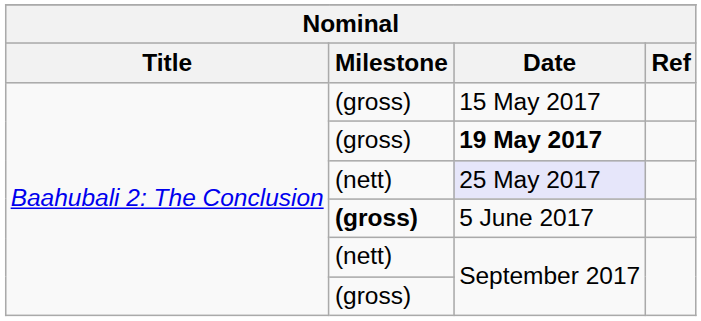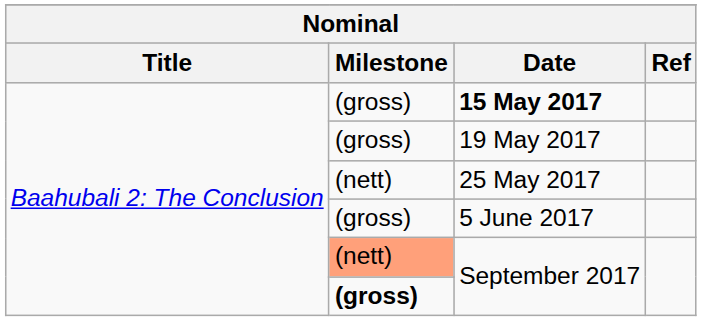 <table class="wikitable" style="margin:auto;">
 <tr>
 </tr>
 <tr>
 <th colspan="4">Nominal</th>
 </tr>
 <tr>
 <th>Title</th>
 <th>Milestone</th>
 <th>Date</th>
 <th>Ref</th>
 </tr>
 <tr>
 <td rowspan="6"><em><a href='#'>Baahubali 2: The Conclusion</a></em></td>
 <td> (gross)</td>
-<td>15 May 2017</td>
+<td><strong>15 May 2017</strong></td>
 <td></td>
 </tr>
 <tr>
 <td> (gross)</td>
-<td><strong>19 May 2017</strong></td>
+<td>19 May 2017</td>
 <td></td>
 </tr>
 <tr>
 <td> (nett)</td>
-<td style="background: lavender;">25 May 2017</td>
+<td>25 May 2017</td>
 <td></td>
 </tr>
 <tr>
-<td><strong> (gross)</strong></td>
+<td> (gross)</td>
 <td>5 June 2017</td>
 <td></td>
 </tr>
 <tr>
-<td> (nett)</td>
+<td style="background: lightsalmon;"> (nett)</td>
 <td rowspan="2">September 2017</td>
 <td rowspan="2"></td>
 </tr>
 <tr>
-<td> (gross)</td>
+<td><strong> (gross)</strong></td>
 </tr>
 </table>
